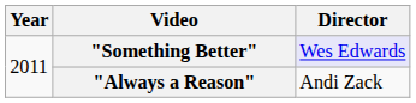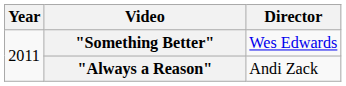 <table class="wikitable plainrowheaders">
 <tr>
 <th>Year</th>
 <th style="width:12em;">Video</th>
 <th>Director</th>
 </tr>
 <tr>
 <td rowspan="2">2011</td>
 <th scope="row">"Something Better"</th>
-<td style="background: lavender;"><a href='#'>Wes Edwards</a></td>
+<td><a href='#'>Wes Edwards</a></td>
 </tr>
 <tr>
 <th scope="row">"Always a Reason"</th>
 <td>Andi Zack</td>
 </tr>
 </table>
